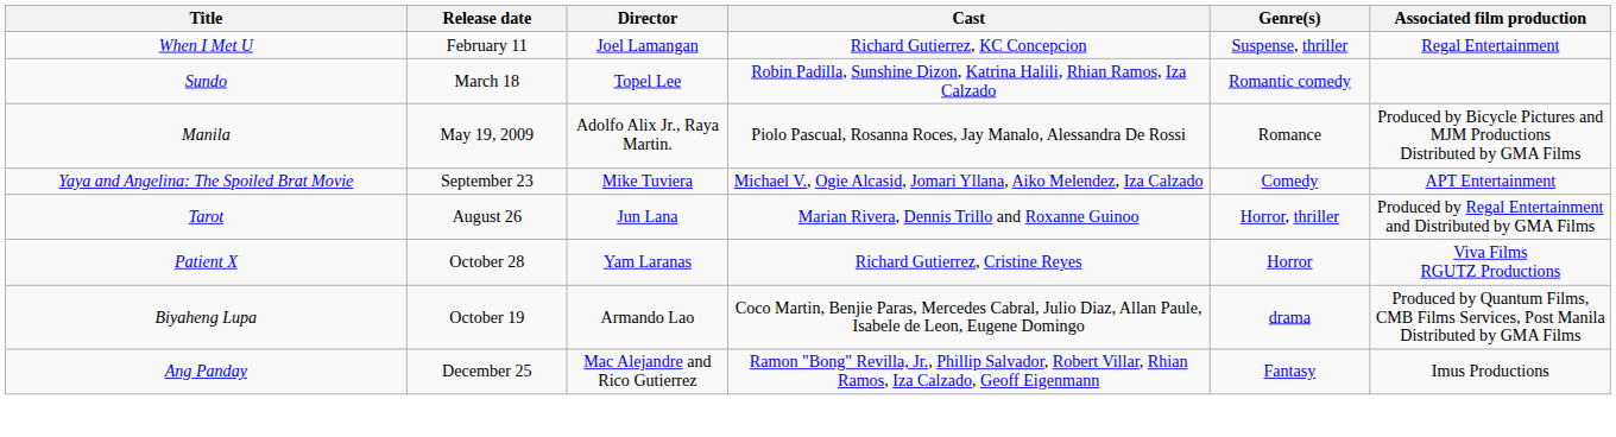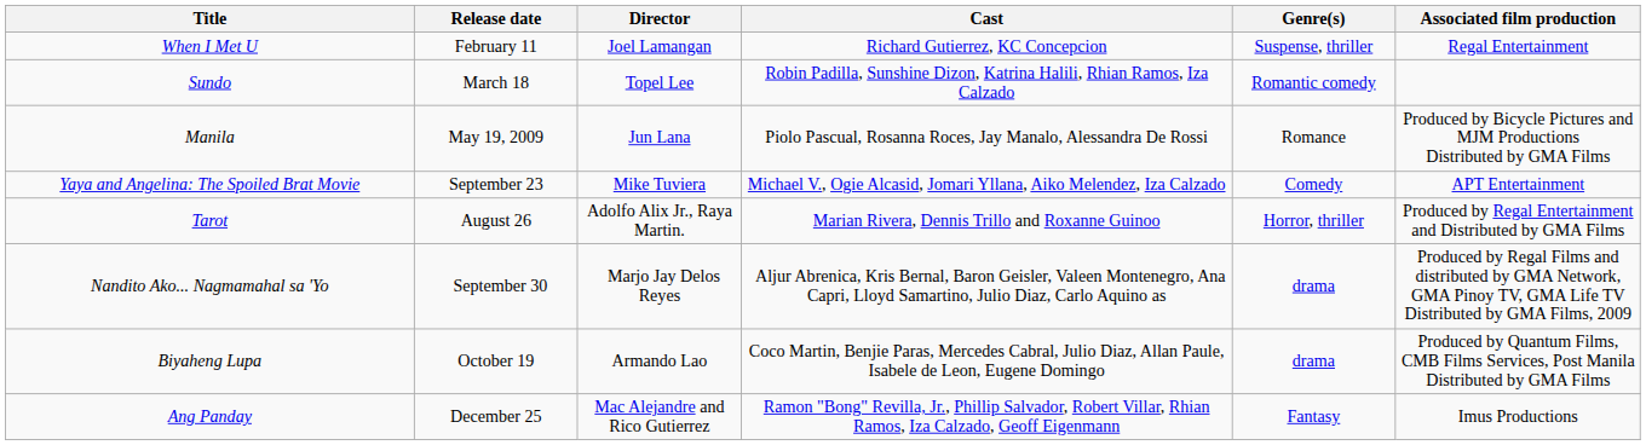 <table class="wikitable" "toccolours sortable" style="width:97%; text-align:center">
 <tr>
 <th style="width:25%;">Title</th>
 <th style="width:10%;">Release date</th>
 <th style="width:10%;">Director</th>
 <th style="width:30%;">Cast</th>
 <th style="width:10%;">Genre(s)</th>
 <th style="width:15%;">Associated film production</th>
 </tr>
 <tr>
 <td><em><a href='#'>When I Met U</a></em></td>
 <td>February 11</td>
 <td><a href='#'>Joel Lamangan</a></td>
 <td><a href='#'>Richard Gutierrez</a>, <a href='#'>KC Concepcion</a></td>
 <td><a href='#'>Suspense</a>, <a href='#'>thriller</a></td>
 <td><a href='#'>Regal Entertainment</a></td>
 </tr>
 <tr>
 <td><a href='#'><em>Sundo</em></a></td>
 <td>March 18</td>
 <td><a href='#'>Topel Lee</a></td>
 <td><a href='#'>Robin Padilla</a>, <a href='#'>Sunshine Dizon</a>, <a href='#'>Katrina Halili</a>, <a href='#'>Rhian Ramos</a>, <a href='#'>Iza Calzado</a></td>
 <td><a href='#'>Romantic comedy</a></td>
 <td></td>
 </tr>
 <tr>
 <td><em>Manila</em></td>
 <td>May 19, 2009</td>
-<td>Adolfo Alix Jr., Raya Martin.</td>
+<td><a href='#'>Jun Lana</a></td>
 <td>Piolo Pascual, Rosanna Roces, Jay Manalo, Alessandra De Rossi</td>
 <td>Romance</td>
 <td>Produced by Bicycle Pictures and MJM Productions<br>Distributed by GMA Films </td>
 </tr>
 <tr>
 <td><em><a href='#'>Yaya and Angelina: The Spoiled Brat Movie</a></em></td>
 <td>September 23</td>
 <td><a href='#'>Mike Tuviera</a></td>
 <td><a href='#'>Michael V.</a>, <a href='#'>Ogie Alcasid</a>, <a href='#'>Jomari Yllana</a>, <a href='#'>Aiko Melendez</a>, <a href='#'>Iza Calzado</a></td>
 <td><a href='#'>Comedy</a></td>
 <td><a href='#'>APT Entertainment</a></td>
 </tr>
 <tr>
 <td><em><a href='#'>Tarot</a></em></td>
 <td>August 26</td>
-<td><a href='#'>Jun Lana</a></td>
+<td>Adolfo Alix Jr., Raya Martin.</td>
 <td><a href='#'>Marian Rivera</a>, <a href='#'>Dennis Trillo</a> and <a href='#'>Roxanne Guinoo</a></td>
 <td><a href='#'>Horror</a>, <a href='#'>thriller</a></td>
 <td>Produced by <a href='#'>Regal Entertainment</a> and Distributed by GMA Films</td>
 </tr>
 <tr>
-<td><em><a href='#'>Patient X</a></em></td>
-<td>October 28</td>
-<td><a href='#'>Yam Laranas</a></td>
-<td><a href='#'>Richard Gutierrez</a>, <a href='#'>Cristine Reyes</a></td>
-<td><a href='#'>Horror</a></td>
-<td><a href='#'>Viva Films</a><br><a href='#'>RGUTZ Productions</a></td>
+<td><em>Nandito Ako... Nagmamahal sa 'Yo</em></td>
+<td>  September 30</td>
+<td>  Marjo Jay Delos Reyes</td>
+<td>  Aljur Abrenica, Kris Bernal, Baron Geisler, Valeen Montenegro, Ana Capri, Lloyd Samartino, Julio Diaz, Carlo Aquino as</td>
+<td><a href='#'>drama</a></td>
+<td>Produced by Regal Films and distributed by GMA Network, GMA Pinoy TV, GMA Life TV<br>Distributed by GMA Films, 2009 </td>
 </tr>
 <tr>
 <td><em>Biyaheng Lupa</em></td>
 <td>October 19</td>
 <td>Armando Lao</td>
 <td>Coco Martin, Benjie Paras, Mercedes Cabral, Julio Diaz, Allan Paule, Isabele de Leon, Eugene Domingo</td>
 <td><a href='#'>drama</a></td>
 <td>Produced by Quantum Films, CMB Films Services, Post Manila<br>Distributed by GMA Films </td>
 </tr>
 <tr>
 <td><em><a href='#'>Ang Panday</a></em></td>
 <td>December 25</td>
 <td><a href='#'>Mac Alejandre</a> and Rico Gutierrez</td>
 <td><a href='#'>Ramon "Bong" Revilla, Jr.</a>, <a href='#'>Phillip Salvador</a>, <a href='#'>Robert Villar</a>, <a href='#'>Rhian Ramos</a>, <a href='#'>Iza Calzado</a>, <a href='#'>Geoff Eigenmann</a></td>
 <td><a href='#'>Fantasy</a></td>
 <td>Imus Productions</td>
 </tr>
 </table>
